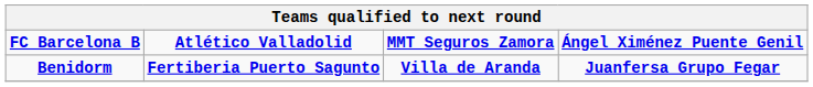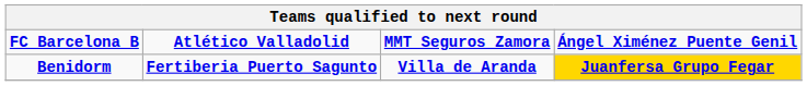 <table class="wikitable" style="text-align: center; margin: 0 auto;">
 <tr>
 <th colspan="4">Teams qualified to next round</th>
 </tr>
 <tr>
 <td><strong><a href='#'>FC Barcelona B</a></strong></td>
 <td><strong><a href='#'>Atlético Valladolid</a></strong></td>
 <td><strong><a href='#'>MMT Seguros Zamora</a></strong></td>
 <td><strong><a href='#'>Ángel Ximénez Puente Genil</a></strong></td>
 </tr>
 <tr>
 <td><strong><a href='#'>Benidorm</a></strong></td>
 <td><strong><a href='#'>Fertiberia Puerto Sagunto</a></strong></td>
 <td><strong><a href='#'>Villa de Aranda</a></strong></td>
-<td><strong><a href='#'>Juanfersa Grupo Fegar</a></strong></td>
+<td style="background: gold;"><strong><a href='#'>Juanfersa Grupo Fegar</a></strong></td>
 </tr>
 <tr>
 </tr>
 </table>
